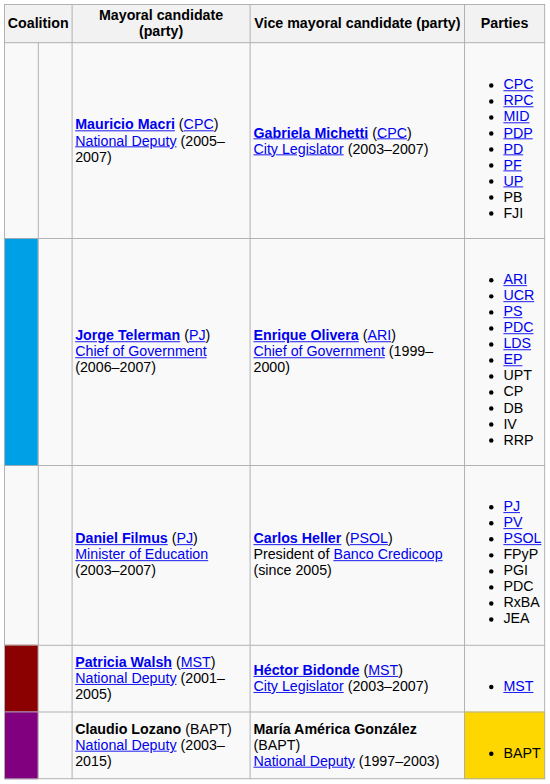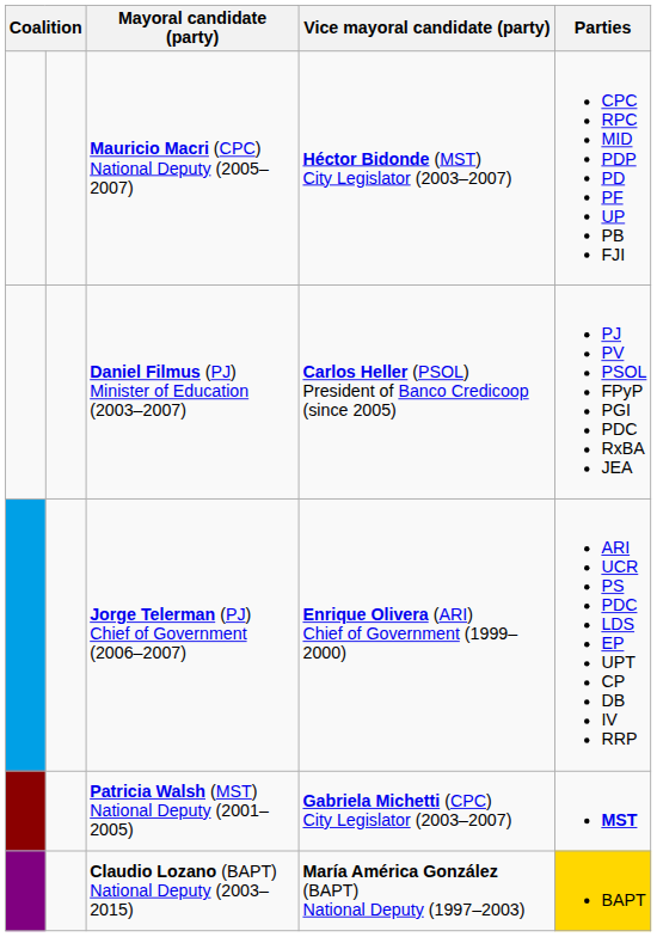 <table class="vertical-align-top wikitable">
 <tr>
 <th scope=colgroup colspan=2>Coalition</th>
 <th scope=colgroup>Mayoral candidate (party)<br></th>
 <th scope=colgroup>Vice mayoral candidate (party)<br></th>
 <th scope=col>Parties</th>
 </tr>
 <tr>
 <td style="background:"></td>
 <td style="text-align:center; line-height:1.3"></td>
 <td><strong><a href='#'>Mauricio Macri</a></strong> (<a href='#'>CPC</a>)<br><a href='#'>National Deputy</a> (2005–2007)</td>
-<td><strong><a href='#'>Gabriela Michetti</a></strong> (<a href='#'>CPC</a>)<br><a href='#'>City Legislator</a> (2003–2007)</td>
+<td><strong><a href='#'>Héctor Bidonde</a></strong> (<a href='#'>MST</a>)<br><a href='#'>City Legislator</a> (2003–2007)</td>
 <td><br><ul><li><a href='#'>CPC</a></li><li><a href='#'>RPC</a></li><li><a href='#'>MID</a></li><li><a href='#'>PDP</a></li><li><a href='#'>PD</a></li><li><a href='#'>PF</a></li><li><a href='#'>UP</a></li><li>PB</li><li>FJI</li></ul></td>
+</tr>
+<tr>
+<td style="background:"></td>
+<td style="text-align:center; line-height:1.3"></td>
+<td><strong><a href='#'>Daniel Filmus</a></strong> (<a href='#'>PJ</a>)<br><a href='#'>Minister of Education</a> (2003–2007)</td>
+<td><strong><a href='#'>Carlos Heller</a></strong> (<a href='#'>PSOL</a>)<br>President of <a href='#'>Banco Credicoop</a> (since 2005)</td>
+<td><br><ul><li><a href='#'>PJ</a></li><li><a href='#'>PV</a></li><li><a href='#'>PSOL</a></li><li>FPyP</li><li>PGI</li><li>PDC</li><li>RxBA</li><li>JEA</li></ul></td>
 </tr>
 <tr>
 <td style=background:#00A0E6></td>
 <td style="text-align:center; line-height:1.3"></td>
 <td><strong><a href='#'>Jorge Telerman</a></strong> (<a href='#'>PJ</a>)<br><a href='#'>Chief of Government</a> (2006–2007)</td>
 <td><strong><a href='#'>Enrique Olivera</a></strong> (<a href='#'>ARI</a>)<br><a href='#'>Chief of Government</a> (1999–2000)</td>
 <td><br><ul><li><a href='#'>ARI</a></li><li><a href='#'>UCR</a></li><li><a href='#'>PS</a></li><li><a href='#'>PDC</a></li><li><a href='#'>LDS</a></li><li><a href='#'>EP</a></li><li>UPT</li><li>CP</li><li>DB</li><li>IV</li><li>RRP</li></ul></td>
 </tr>
 <tr>
-<td style="background:"></td>
-<td style="text-align:center; line-height:1.3"></td>
-<td><strong><a href='#'>Daniel Filmus</a></strong> (<a href='#'>PJ</a>)<br><a href='#'>Minister of Education</a> (2003–2007)</td>
-<td><strong><a href='#'>Carlos Heller</a></strong> (<a href='#'>PSOL</a>)<br>President of <a href='#'>Banco Credicoop</a> (since 2005)</td>
-<td><br><ul><li><a href='#'>PJ</a></li><li><a href='#'>PV</a></li><li><a href='#'>PSOL</a></li><li>FPyP</li><li>PGI</li><li>PDC</li><li>RxBA</li><li>JEA</li></ul></td>
-</tr>
-<tr>
 <td style=background:darkred></td>
 <td style="text-align:center; line-height:1.3"></td>
 <td><strong><a href='#'>Patricia Walsh</a></strong> (<a href='#'>MST</a>)<br><a href='#'>National Deputy</a> (2001–2005)</td>
-<td><strong><a href='#'>Héctor Bidonde</a></strong> (<a href='#'>MST</a>)<br><a href='#'>City Legislator</a> (2003–2007)</td>
-<td><br><ul><li><a href='#'>MST</a></li></ul></td>
+<td><strong><a href='#'>Gabriela Michetti</a></strong> (<a href='#'>CPC</a>)<br><a href='#'>City Legislator</a> (2003–2007)</td>
+<td><strong><br><ul><li><a href='#'>MST</a></li></ul></strong></td>
 </tr>
 <tr>
 <td style=background:purple></td>
 <td style="text-align:center; line-height:1.3"></td>
 <td><strong>Claudio Lozano</strong> (BAPT)<br><a href='#'>National Deputy</a> (2003–2015)</td>
 <td><strong>María América González</strong> (BAPT)<br><a href='#'>National Deputy</a> (1997–2003)</td>
 <td style="background: gold;"><br><ul><li>BAPT</li></ul></td>
 </tr>
 </table>
